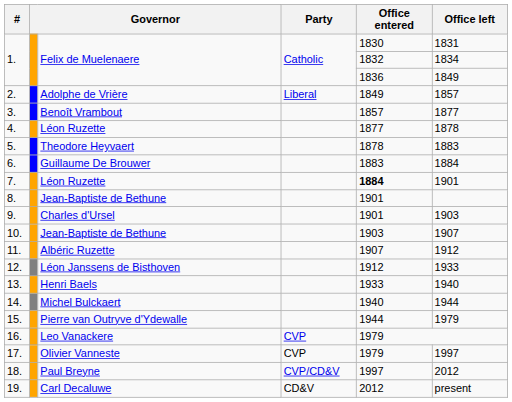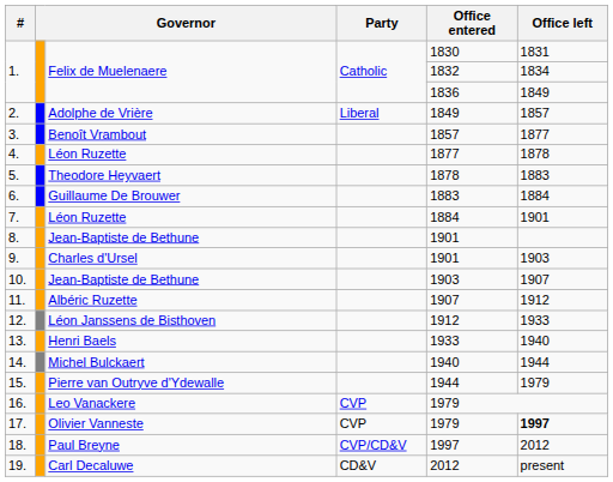 <table class="wikitable" style="text-align:left; font-size:90%; width:75%">
 <tr>
 <th>#</th>
 <th colspan=2 width=50%>Governor</th>
 <th width=15%>Party</th>
 <th width=15%>Office entered</th>
 <th width=15%>Office left</th>
 </tr>
 <tr>
 <td rowspan=3>1.</td>
 <td bgcolor="orange" rowspan=3></td>
 <td rowspan=3><a href='#'>Felix de Muelenaere</a></td>
 <td rowspan=3><a href='#'>Catholic</a></td>
 <td>1830</td>
 <td>1831</td>
 </tr>
 <tr>
 <td>1832</td>
 <td>1834</td>
 </tr>
 <tr>
 <td>1836</td>
 <td>1849</td>
 </tr>
 <tr>
 <td>2.</td>
 <td bgcolor="blue"></td>
 <td><a href='#'>Adolphe de Vrière</a></td>
 <td><a href='#'>Liberal</a></td>
 <td>1849</td>
 <td>1857</td>
 </tr>
 <tr>
 <td>3.</td>
 <td bgcolor="blue"></td>
 <td><a href='#'>Benoît Vrambout</a></td>
 <td></td>
 <td>1857</td>
 <td>1877</td>
 </tr>
 <tr>
 <td>4.</td>
 <td bgcolor="orange"></td>
 <td><a href='#'>Léon Ruzette</a></td>
 <td></td>
 <td>1877</td>
 <td>1878</td>
 </tr>
 <tr>
 <td>5.</td>
 <td bgcolor="blue"></td>
 <td><a href='#'>Theodore Heyvaert</a></td>
 <td></td>
 <td>1878</td>
 <td>1883</td>
 </tr>
 <tr>
 <td>6.</td>
 <td bgcolor="blue"></td>
 <td><a href='#'>Guillaume De Brouwer</a></td>
 <td></td>
 <td>1883</td>
 <td>1884</td>
 </tr>
 <tr>
 <td>7.</td>
 <td bgcolor="orange"></td>
 <td><a href='#'>Léon Ruzette</a></td>
 <td></td>
-<td><strong>1884</strong></td>
+<td>1884</td>
 <td>1901</td>
 </tr>
 <tr>
 <td>8.</td>
 <td bgcolor="orange"></td>
 <td><a href='#'>Jean-Baptiste de Bethune</a></td>
 <td></td>
 <td>1901</td>
 <td></td>
 </tr>
 <tr>
 <td>9.</td>
 <td bgcolor="orange"></td>
 <td><a href='#'>Charles d'Ursel</a></td>
 <td></td>
 <td>1901</td>
 <td>1903</td>
 </tr>
 <tr>
 <td>10.</td>
 <td bgcolor="orange"></td>
 <td><a href='#'>Jean-Baptiste de Bethune</a></td>
 <td></td>
 <td>1903</td>
 <td>1907</td>
 </tr>
 <tr>
 <td>11.</td>
 <td bgcolor="orange"></td>
 <td><a href='#'>Albéric Ruzette</a></td>
 <td></td>
 <td>1907</td>
 <td>1912</td>
 </tr>
 <tr>
 <td>12.</td>
 <td bgcolor="grey"></td>
 <td><a href='#'>Léon Janssens de Bisthoven</a></td>
 <td></td>
 <td>1912</td>
 <td>1933</td>
 </tr>
 <tr>
 <td>13.</td>
 <td bgcolor="orange"></td>
 <td><a href='#'>Henri Baels</a></td>
 <td></td>
 <td>1933</td>
 <td>1940</td>
 </tr>
 <tr>
 <td>14.</td>
 <td bgcolor="grey"></td>
 <td><a href='#'>Michel Bulckaert</a></td>
 <td></td>
 <td>1940</td>
 <td>1944</td>
 </tr>
 <tr>
 <td>15.</td>
 <td bgcolor="orange"></td>
 <td><a href='#'>Pierre van Outryve d'Ydewalle</a></td>
 <td></td>
 <td>1944</td>
 <td>1979</td>
 </tr>
 <tr>
 <td>16.</td>
 <td bgcolor="orange"></td>
 <td><a href='#'>Leo Vanackere</a></td>
 <td><a href='#'>CVP</a></td>
 <td colspan="2">1979</td>
 </tr>
 <tr>
 <td>17.</td>
 <td bgcolor="orange"></td>
 <td><a href='#'>Olivier Vanneste</a></td>
 <td>CVP</td>
 <td>1979</td>
-<td>1997</td>
+<td><strong>1997</strong></td>
 </tr>
 <tr>
 <td>18.</td>
 <td bgcolor="orange"></td>
 <td><a href='#'>Paul Breyne</a></td>
 <td><a href='#'>CVP/CD&V</a></td>
 <td>1997</td>
 <td>2012</td>
 </tr>
 <tr>
 <td>19.</td>
 <td bgcolor="orange"></td>
 <td><a href='#'>Carl Decaluwe</a></td>
 <td>CD&V</td>
 <td>2012</td>
 <td>present</td>
 </tr>
 </table>
